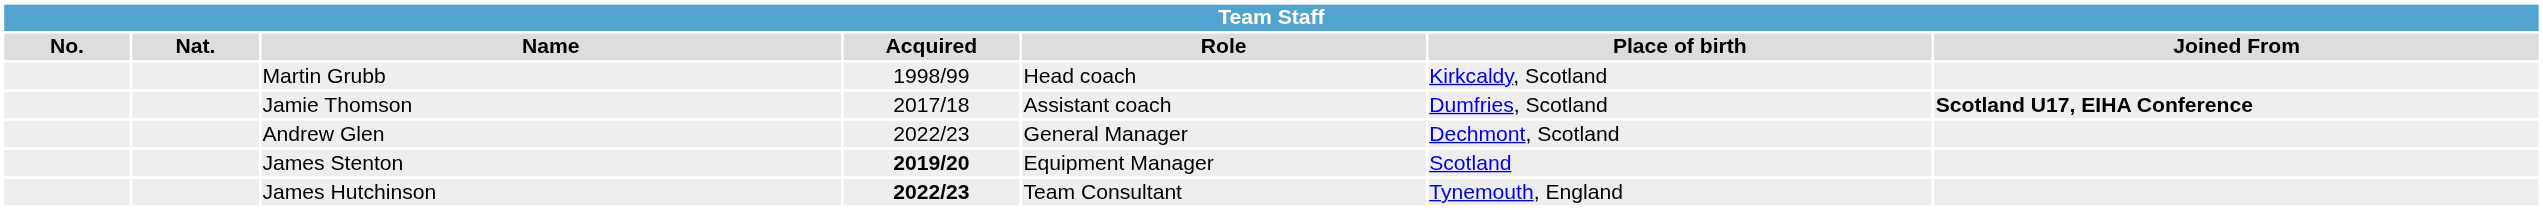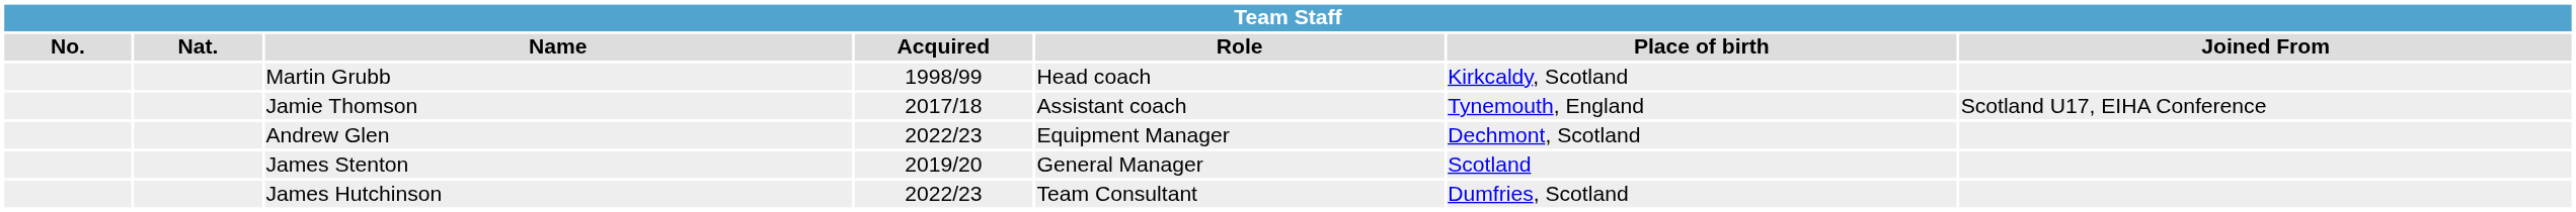 <table class="toccolours"  style="width:97%; clear:both; margin:1.5em auto; text-align:center;">
 <tr>
 <th colspan="11" style="background:#51a4cd; color:white;”">Team Staff</th>
 </tr>
 <tr style="background:#ddd;">
 <th width=5%>No.</th>
 <th width=5%>Nat.</th>
 <th !width=22%>Name</th>
 <th width=7%>Acquired</th>
 <th width=16%>Role</th>
 <th width=20%>Place of birth</th>
 <th width=24%>Joined From</th>
 </tr>
 <tr style="background:#eee;">
 <td></td>
 <td></td>
 <td align=left>Martin Grubb</td>
 <td>1998/99</td>
 <td align=left>Head coach</td>
 <td align=left><a href='#'>Kirkcaldy</a>, Scotland</td>
 <td align=left></td>
 </tr>
 <tr style="background:#eee;">
 <td></td>
 <td></td>
 <td align=left>Jamie Thomson</td>
 <td>2017/18</td>
 <td align=left>Assistant coach</td>
-<td align=left><a href='#'>Dumfries</a>, Scotland</td>
-<td align=left><strong>Scotland U17, EIHA Conference</strong></td>
+<td align=left><a href='#'>Tynemouth</a>, England</td>
+<td align=left>Scotland U17, EIHA Conference</td>
 </tr>
 <tr style="background:#eee;">
 <td></td>
 <td></td>
 <td align=left>Andrew Glen</td>
 <td>2022/23</td>
-<td align=left>General Manager</td>
+<td align=left>Equipment Manager</td>
 <td align=left><a href='#'>Dechmont</a>, Scotland</td>
 <td align=left></td>
 </tr>
 <tr style="background:#eee;">
 <td></td>
 <td></td>
 <td align=left>James Stenton</td>
-<td><strong>2019/20</strong></td>
-<td align=left>Equipment Manager</td>
+<td>2019/20</td>
+<td align=left>General Manager</td>
 <td align=left><a href='#'>Scotland</a></td>
 <td align=left></td>
 </tr>
 <tr style="background:#eee;">
 <td></td>
 <td></td>
 <td align=left>James Hutchinson</td>
-<td><strong>2022/23</strong></td>
+<td>2022/23</td>
 <td align=left>Team Consultant</td>
-<td align=left><a href='#'>Tynemouth</a>, England</td>
+<td align=left><a href='#'>Dumfries</a>, Scotland</td>
 <td align=left></td>
 </tr>
 </table>
